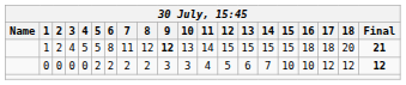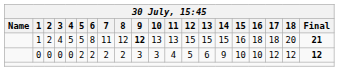 <table class=wikitable style="text-align:center; width: 55%">
 <tr>
 <th colspan=20><em>30 July, 15:45</em></th>
 </tr>
 <tr>
 <th>Name</th>
 <th>1</th>
 <th>2</th>
 <th>3</th>
 <th>4</th>
 <th>5</th>
 <th>6</th>
 <th>7</th>
 <th>8</th>
 <th>9</th>
 <th>10</th>
 <th>11</th>
 <th>12</th>
 <th>13</th>
 <th>14</th>
 <th>15</th>
 <th>16</th>
 <th>17</th>
 <th>18</th>
 <th>Final</th>
 </tr>
 <tr>
 <td align=left><strong></strong></td>
 <td>1</td>
 <td>2</td>
 <td>4</td>
 <td>5</td>
 <td>5</td>
 <td>8</td>
 <td>11</td>
 <td>12</td>
 <td><strong>12</strong></td>
 <td>13</td>
-<td>14</td>
+<td>13</td>
 <td>15</td>
 <td>15</td>
 <td>15</td>
-<td>15</td>
+<td>16</td>
 <td>18</td>
 <td>18</td>
 <td>20</td>
 <td><strong>21</strong></td>
 </tr>
 <tr>
 <td align=left></td>
 <td>0</td>
 <td>0</td>
 <td>0</td>
 <td>0</td>
 <td>2</td>
 <td>2</td>
 <td>2</td>
 <td>2</td>
 <td>3</td>
 <td>3</td>
 <td>4</td>
 <td>5</td>
 <td>6</td>
-<td>7</td>
+<td>9</td>
 <td>10</td>
 <td>10</td>
 <td>12</td>
 <td>12</td>
 <td><strong>12</strong></td>
 </tr>
 <tr>
 <td colspan=20></td>
 </tr>
 </table>
